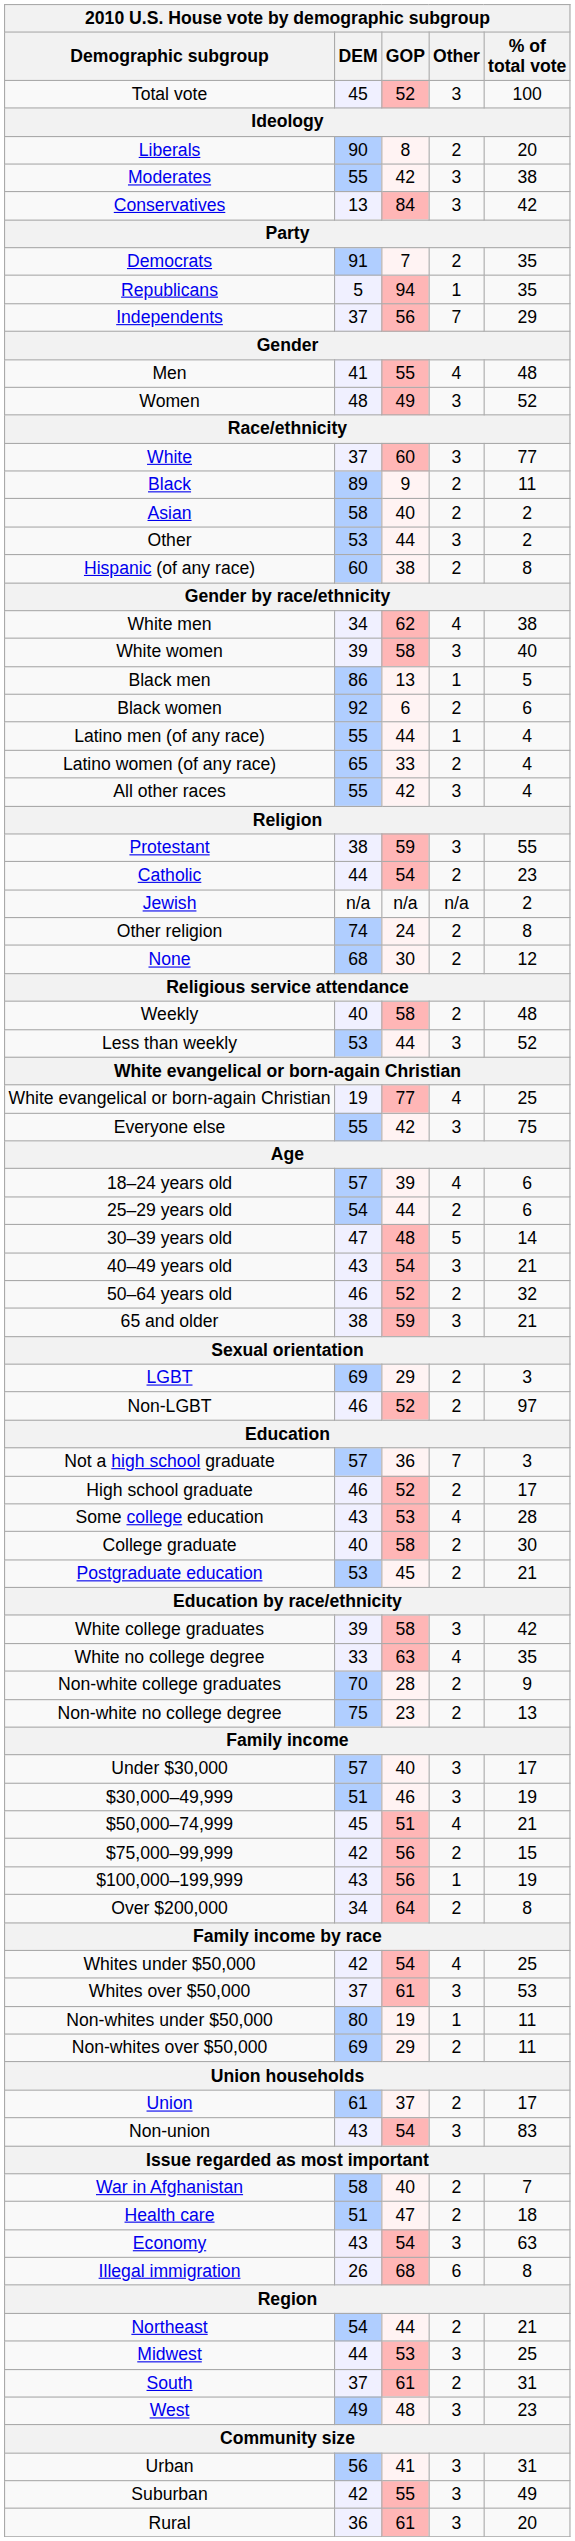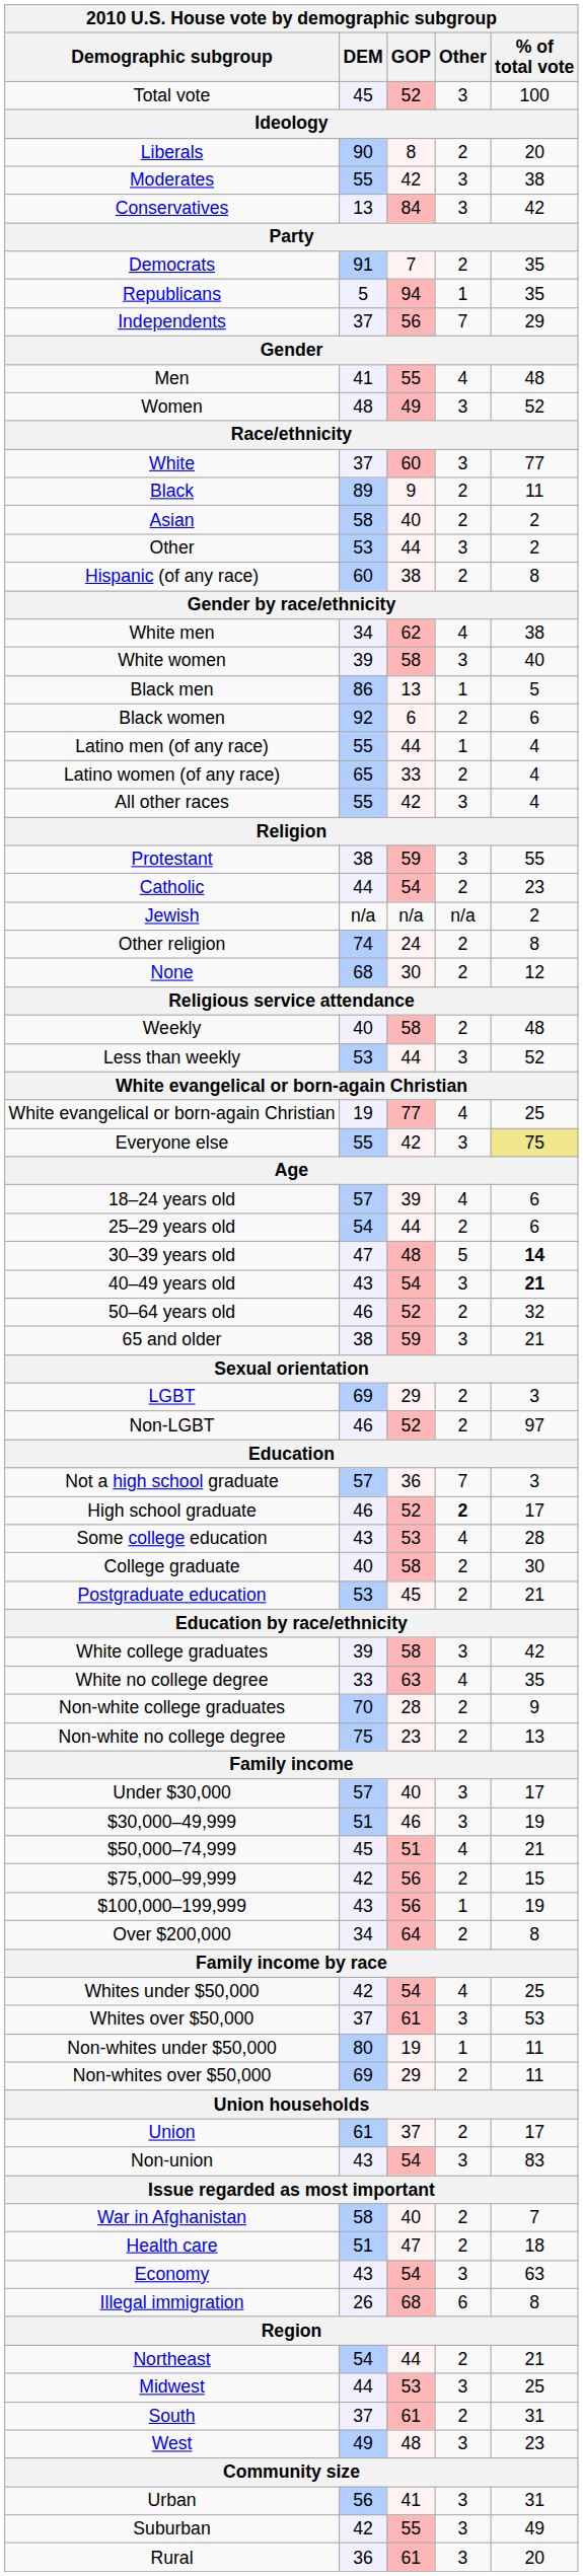 <table class="wikitable sortable" style="text-align:center">
 <tr>
 <th colspan=8>2010 U.S. House vote by demographic subgroup</th>
 </tr>
 <tr>
 <th>Demographic subgroup</th>
 <th>DEM</th>
 <th>GOP</th>
 <th>Other</th>
 <th>% of<br>total vote</th>
 </tr>
 <tr>
 <td>Total vote</td>
 <td style="background:#f0f0ff">45</td>
 <td style="background:#ffb6b6">52</td>
 <td>3</td>
 <td>100</td>
 </tr>
 <tr>
 <th colspan=5>Ideology</th>
 </tr>
 <tr>
 <td><a href='#'>Liberals</a></td>
 <td style="background:#b0ceff">90</td>
 <td style="background:#fff3f3">8</td>
 <td>2</td>
 <td>20</td>
 </tr>
 <tr>
 <td><a href='#'>Moderates</a></td>
 <td style="background:#b0ceff">55</td>
 <td style="background:#fff3f3">42</td>
 <td>3</td>
 <td>38</td>
 </tr>
 <tr>
 <td><a href='#'>Conservatives</a></td>
 <td style="background:#f0f0ff">13</td>
 <td style="background:#ffb6b6">84</td>
 <td>3</td>
 <td>42</td>
 </tr>
 <tr>
 <th colspan=5>Party</th>
 </tr>
 <tr>
 <td><a href='#'>Democrats</a></td>
 <td style="background:#b0ceff">91</td>
 <td style="background:#fff3f3">7</td>
 <td>2</td>
 <td>35</td>
 </tr>
 <tr>
 <td><a href='#'>Republicans</a></td>
 <td style="background:#f0f0ff">5</td>
 <td style="background:#ffb6b6">94</td>
 <td>1</td>
 <td>35</td>
 </tr>
 <tr>
 <td><a href='#'>Independents</a></td>
 <td style="background:#f0f0ff">37</td>
 <td style="background:#ffb6b6">56</td>
 <td>7</td>
 <td>29</td>
 </tr>
 <tr>
 <th colspan=5>Gender</th>
 </tr>
 <tr>
 <td>Men</td>
 <td style="background:#f0f0ff">41</td>
 <td style="background:#ffb6b6">55</td>
 <td>4</td>
 <td>48</td>
 </tr>
 <tr>
 <td>Women</td>
 <td style="background:#f0f0ff">48</td>
 <td style="background:#ffb6b6">49</td>
 <td>3</td>
 <td>52</td>
 </tr>
 <tr>
 <th colspan=5>Race/ethnicity</th>
 </tr>
 <tr>
 <td><a href='#'>White</a></td>
 <td style="background:#f0f0ff">37</td>
 <td style="background:#ffb6b6">60</td>
 <td>3</td>
 <td>77</td>
 </tr>
 <tr>
 <td><a href='#'>Black</a></td>
 <td style="background:#b0ceff">89</td>
 <td style="background:#fff3f3">9</td>
 <td>2</td>
 <td>11</td>
 </tr>
 <tr>
 <td><a href='#'>Asian</a></td>
 <td style="background:#b0ceff">58</td>
 <td style="background:#fff3f3">40</td>
 <td>2</td>
 <td>2</td>
 </tr>
 <tr>
 <td>Other</td>
 <td style="background:#b0ceff">53</td>
 <td style="background:#fff3f3">44</td>
 <td>3</td>
 <td>2</td>
 </tr>
 <tr>
 <td><a href='#'>Hispanic</a> (of any race)</td>
 <td style="background:#b0ceff">60</td>
 <td style="background:#fff3f3">38</td>
 <td>2</td>
 <td>8</td>
 </tr>
 <tr>
 <th colspan=5>Gender by race/ethnicity</th>
 </tr>
 <tr>
 <td>White men</td>
 <td style="background:#f0f0ff">34</td>
 <td style="background:#ffb6b6">62</td>
 <td>4</td>
 <td>38</td>
 </tr>
 <tr>
 <td>White women</td>
 <td style="background:#f0f0ff">39</td>
 <td style="background:#ffb6b6">58</td>
 <td>3</td>
 <td>40</td>
 </tr>
 <tr>
 <td>Black men</td>
 <td style="background:#b0ceff">86</td>
 <td style="background:#fff3f3">13</td>
 <td>1</td>
 <td>5</td>
 </tr>
 <tr>
 <td>Black women</td>
 <td style="background:#b0ceff">92</td>
 <td style="background:#fff3f3">6</td>
 <td>2</td>
 <td>6</td>
 </tr>
 <tr>
 <td>Latino men (of any race)</td>
 <td style="background:#b0ceff">55</td>
 <td style="background:#fff3f3">44</td>
 <td>1</td>
 <td>4</td>
 </tr>
 <tr>
 <td>Latino women (of any race)</td>
 <td style="background:#b0ceff">65</td>
 <td style="background:#fff3f3">33</td>
 <td>2</td>
 <td>4</td>
 </tr>
 <tr>
 <td>All other races</td>
 <td style="background:#b0ceff">55</td>
 <td style="background:#fff3f3">42</td>
 <td>3</td>
 <td>4</td>
 </tr>
 <tr>
 <th colspan=5>Religion</th>
 </tr>
 <tr>
 <td><a href='#'>Protestant</a></td>
 <td style="background:#f0f0ff">38</td>
 <td style="background:#ffb6b6">59</td>
 <td>3</td>
 <td>55</td>
 </tr>
 <tr>
 <td><a href='#'>Catholic</a></td>
 <td style="background:#f0f0ff">44</td>
 <td style="background:#ffb6b6">54</td>
 <td>2</td>
 <td>23</td>
 </tr>
 <tr>
 <td><a href='#'>Jewish</a></td>
 <td>n/a</td>
 <td>n/a</td>
 <td>n/a</td>
 <td>2</td>
 </tr>
 <tr>
 <td>Other religion</td>
 <td style="background:#b0ceff">74</td>
 <td style="background:#fff3f3">24</td>
 <td>2</td>
 <td>8</td>
 </tr>
 <tr>
 <td><a href='#'>None</a></td>
 <td style="background:#b0ceff">68</td>
 <td style="background:#fff3f3">30</td>
 <td>2</td>
 <td>12</td>
 </tr>
 <tr>
 <th colspan=5>Religious service attendance</th>
 </tr>
 <tr>
 <td>Weekly</td>
 <td style="background:#f0f0ff">40</td>
 <td style="background:#ffb6b6">58</td>
 <td>2</td>
 <td>48</td>
 </tr>
 <tr>
 <td>Less than weekly</td>
 <td style="background:#b0ceff">53</td>
 <td style="background:#fff3f3">44</td>
 <td>3</td>
 <td>52</td>
 </tr>
 <tr>
 <th colspan=5>White evangelical or born-again Christian</th>
 </tr>
 <tr>
 <td>White evangelical or born-again Christian</td>
 <td style="background:#f0f0ff">19</td>
 <td style="background:#ffb6b6">77</td>
 <td>4</td>
 <td>25</td>
 </tr>
 <tr>
 <td>Everyone else</td>
 <td style="background:#b0ceff">55</td>
 <td style="background:#fff3f3">42</td>
 <td>3</td>
-<td>75</td>
+<td style="background: khaki;">75</td>
 </tr>
 <tr>
 <th colspan=5>Age</th>
 </tr>
 <tr>
 <td>18–24 years old</td>
 <td style="background:#b0ceff">57</td>
 <td style="background:#fff3f3">39</td>
 <td>4</td>
 <td>6</td>
 </tr>
 <tr>
 <td>25–29 years old</td>
 <td style="background:#b0ceff">54</td>
 <td style="background:#fff3f3">44</td>
 <td>2</td>
 <td>6</td>
 </tr>
 <tr>
 <td>30–39 years old</td>
 <td style="background:#f0f0ff">47</td>
 <td style="background:#ffb6b6">48</td>
 <td>5</td>
-<td>14</td>
+<td><strong>14</strong></td>
 </tr>
 <tr>
 <td>40–49 years old</td>
 <td style="background:#f0f0ff">43</td>
 <td style="background:#ffb6b6">54</td>
 <td>3</td>
-<td>21</td>
+<td><strong>21</strong></td>
 </tr>
 <tr>
 <td>50–64 years old</td>
 <td style="background:#f0f0ff">46</td>
 <td style="background:#ffb6b6">52</td>
 <td>2</td>
 <td>32</td>
 </tr>
 <tr>
 <td>65 and older</td>
 <td style="background:#f0f0ff">38</td>
 <td style="background:#ffb6b6">59</td>
 <td>3</td>
 <td>21</td>
 </tr>
 <tr>
 <th colspan=5>Sexual orientation</th>
 </tr>
 <tr>
 <td><a href='#'>LGBT</a></td>
 <td style="background:#b0ceff">69</td>
 <td style="background:#fff3f3">29</td>
 <td>2</td>
 <td>3</td>
 </tr>
 <tr>
 <td>Non-LGBT</td>
 <td style="background:#f0f0ff">46</td>
 <td style="background:#ffb6b6">52</td>
 <td>2</td>
 <td>97</td>
 </tr>
 <tr>
 <th colspan=5>Education</th>
 </tr>
 <tr>
 <td>Not a <a href='#'>high school</a> graduate</td>
 <td style="background:#b0ceff">57</td>
 <td style="background:#fff3f3">36</td>
 <td>7</td>
 <td>3</td>
 </tr>
 <tr>
 <td>High school graduate</td>
 <td style="background:#f0f0ff">46</td>
 <td style="background:#ffb6b6">52</td>
-<td>2</td>
+<td><strong>2</strong></td>
 <td>17</td>
 </tr>
 <tr>
 <td>Some <a href='#'>college</a> education</td>
 <td style="background:#f0f0ff">43</td>
 <td style="background:#ffb6b6">53</td>
 <td>4</td>
 <td>28</td>
 </tr>
 <tr>
 <td>College graduate</td>
 <td style="background:#f0f0ff">40</td>
 <td style="background:#ffb6b6">58</td>
 <td>2</td>
 <td>30</td>
 </tr>
 <tr>
 <td><a href='#'>Postgraduate education</a></td>
 <td style="background:#b0ceff">53</td>
 <td style="background:#fff3f3">45</td>
 <td>2</td>
 <td>21</td>
 </tr>
 <tr>
 <th colspan=5>Education by race/ethnicity</th>
 </tr>
 <tr>
 <td>White college graduates</td>
 <td style="background:#f0f0ff">39</td>
 <td style="background:#ffb6b6">58</td>
 <td>3</td>
 <td>42</td>
 </tr>
 <tr>
 <td>White no college degree</td>
 <td style="background:#f0f0ff">33</td>
 <td style="background:#ffb6b6">63</td>
 <td>4</td>
 <td>35</td>
 </tr>
 <tr>
 <td>Non-white college graduates</td>
 <td style="background:#b0ceff">70</td>
 <td style="background:#fff3f3">28</td>
 <td>2</td>
 <td>9</td>
 </tr>
 <tr>
 <td>Non-white no college degree</td>
 <td style="background:#b0ceff">75</td>
 <td style="background:#fff3f3">23</td>
 <td>2</td>
 <td>13</td>
 </tr>
 <tr>
 <th colspan=5>Family income</th>
 </tr>
 <tr>
 <td>Under $30,000</td>
 <td style="background:#b0ceff">57</td>
 <td style="background:#fff3f3">40</td>
 <td>3</td>
 <td>17</td>
 </tr>
 <tr>
 <td>$30,000–49,999</td>
 <td style="background:#b0ceff">51</td>
 <td style="background:#fff3f3">46</td>
 <td>3</td>
 <td>19</td>
 </tr>
 <tr>
 <td>$50,000–74,999</td>
 <td style="background:#f0f0ff">45</td>
 <td style="background:#ffb6b6">51</td>
 <td>4</td>
 <td>21</td>
 </tr>
 <tr>
 <td>$75,000–99,999</td>
 <td style="background:#f0f0ff">42</td>
 <td style="background:#ffb6b6">56</td>
 <td>2</td>
 <td>15</td>
 </tr>
 <tr>
 <td>$100,000–199,999</td>
 <td style="background:#f0f0ff">43</td>
 <td style="background:#ffb6b6">56</td>
 <td>1</td>
 <td>19</td>
 </tr>
 <tr>
 <td>Over $200,000</td>
 <td style="background:#f0f0ff">34</td>
 <td style="background:#ffb6b6">64</td>
 <td>2</td>
 <td>8</td>
 </tr>
 <tr>
 <th colspan=5>Family income by race</th>
 </tr>
 <tr>
 <td>Whites under $50,000</td>
 <td style="background:#f0f0ff">42</td>
 <td style="background:#ffb6b6">54</td>
 <td>4</td>
 <td>25</td>
 </tr>
 <tr>
 <td>Whites over $50,000</td>
 <td style="background:#f0f0ff">37</td>
 <td style="background:#ffb6b6">61</td>
 <td>3</td>
 <td>53</td>
 </tr>
 <tr>
 <td>Non-whites under $50,000</td>
 <td style="background:#b0ceff">80</td>
 <td style="background:#fff3f3">19</td>
 <td>1</td>
 <td>11</td>
 </tr>
 <tr>
 <td>Non-whites over $50,000</td>
 <td style="background:#b0ceff">69</td>
 <td style="background:#fff3f3">29</td>
 <td>2</td>
 <td>11</td>
 </tr>
 <tr>
 <th colspan=5>Union households</th>
 </tr>
 <tr>
 <td><a href='#'>Union</a></td>
 <td style="background:#b0ceff">61</td>
 <td style="background:#fff3f3">37</td>
 <td>2</td>
 <td>17</td>
 </tr>
 <tr>
 <td>Non-union</td>
 <td style="background:#f0f0ff">43</td>
 <td style="background:#ffb6b6">54</td>
 <td>3</td>
 <td>83</td>
 </tr>
 <tr>
 <th colspan=5>Issue regarded as most important</th>
 </tr>
 <tr>
 <td><a href='#'>War in Afghanistan</a></td>
 <td style="background:#b0ceff">58</td>
 <td style="background:#fff3f3">40</td>
 <td>2</td>
 <td>7</td>
 </tr>
 <tr>
 <td><a href='#'>Health care</a></td>
 <td style="background:#b0ceff">51</td>
 <td style="background:#fff3f3">47</td>
 <td>2</td>
 <td>18</td>
 </tr>
 <tr>
 <td><a href='#'>Economy</a></td>
 <td style="background:#f0f0ff">43</td>
 <td style="background:#ffb6b6">54</td>
 <td>3</td>
 <td>63</td>
 </tr>
 <tr>
 <td><a href='#'>Illegal immigration</a></td>
 <td style="background:#f0f0ff">26</td>
 <td style="background:#ffb6b6">68</td>
 <td>6</td>
 <td>8</td>
 </tr>
 <tr>
 <th colspan=5>Region</th>
 </tr>
 <tr>
 <td><a href='#'>Northeast</a></td>
 <td style="background:#b0ceff">54</td>
 <td style="background:#fff3f3">44</td>
 <td>2</td>
 <td>21</td>
 </tr>
 <tr>
 <td><a href='#'>Midwest</a></td>
 <td style="background:#f0f0ff">44</td>
 <td style="background:#ffb6b6">53</td>
 <td>3</td>
 <td>25</td>
 </tr>
 <tr>
 <td><a href='#'>South</a></td>
 <td style="background:#f0f0ff">37</td>
 <td style="background:#ffb6b6">61</td>
 <td>2</td>
 <td>31</td>
 </tr>
 <tr>
 <td><a href='#'>West</a></td>
 <td style="background:#b0ceff">49</td>
 <td style="background:#fff3f3">48</td>
 <td>3</td>
 <td>23</td>
 </tr>
 <tr>
 <th colspan=5>Community size</th>
 </tr>
 <tr>
 <td>Urban</td>
 <td style="background:#b0ceff">56</td>
 <td style="background:#fff3f3">41</td>
 <td>3</td>
 <td>31</td>
 </tr>
 <tr>
 <td>Suburban</td>
 <td style="background:#f0f0ff">42</td>
 <td style="background:#ffb6b6">55</td>
 <td>3</td>
 <td>49</td>
 </tr>
 <tr>
 <td>Rural</td>
 <td style="background:#f0f0ff">36</td>
 <td style="background:#ffb6b6">61</td>
 <td>3</td>
 <td>20</td>
 </tr>
 </table>
